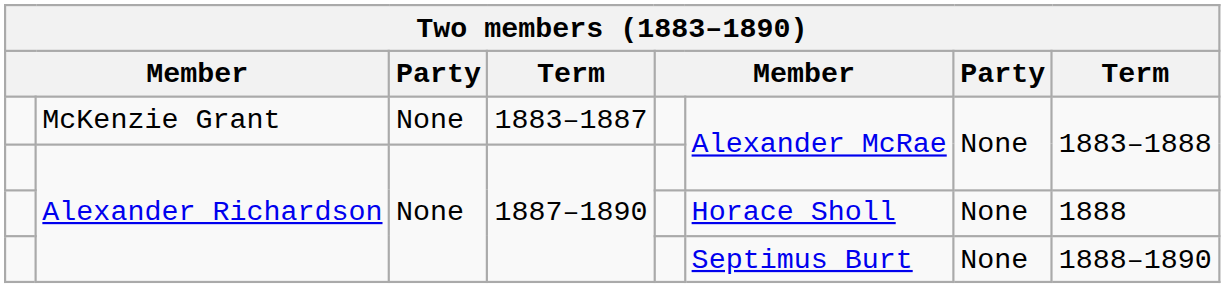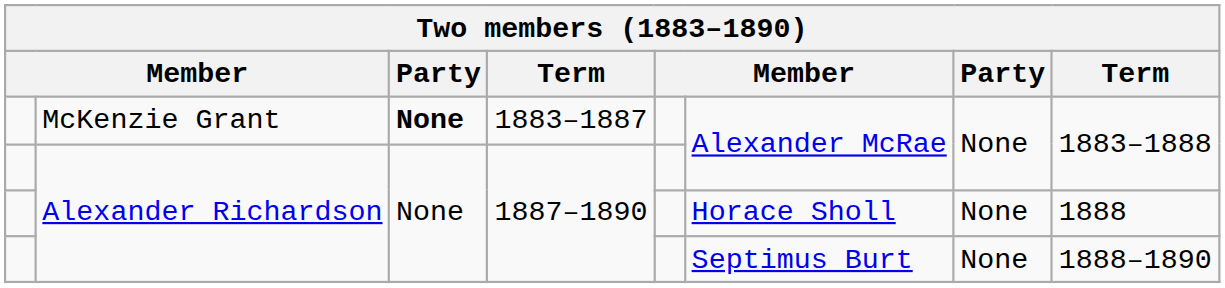 <table class="wikitable">
 <tr>
 <th colspan="8">Two members (1883–1890)</th>
 </tr>
 <tr>
 <th colspan="2">Member</th>
 <th>Party</th>
 <th>Term</th>
 <th colspan="2">Member</th>
 <th>Party</th>
 <th>Term</th>
 </tr>
 <tr>
 <td> </td>
 <td>McKenzie Grant</td>
-<td>None</td>
+<td><strong>None</strong></td>
 <td>1883–1887</td>
 <td> </td>
 <td rowspan="2"><a href='#'>Alexander McRae</a></td>
 <td rowspan="2">None</td>
 <td rowspan="2">1883–1888</td>
 </tr>
 <tr>
 <td> </td>
 <td rowspan="3"><a href='#'>Alexander Richardson</a></td>
 <td rowspan="3">None</td>
 <td rowspan="3">1887–1890</td>
 <td> </td>
 </tr>
 <tr>
 <td> </td>
 <td> </td>
 <td><a href='#'>Horace Sholl</a></td>
 <td>None</td>
 <td>1888</td>
 </tr>
 <tr>
 <td> </td>
 <td> </td>
 <td><a href='#'>Septimus Burt</a></td>
 <td>None</td>
 <td>1888–1890</td>
 </tr>
 </table>
